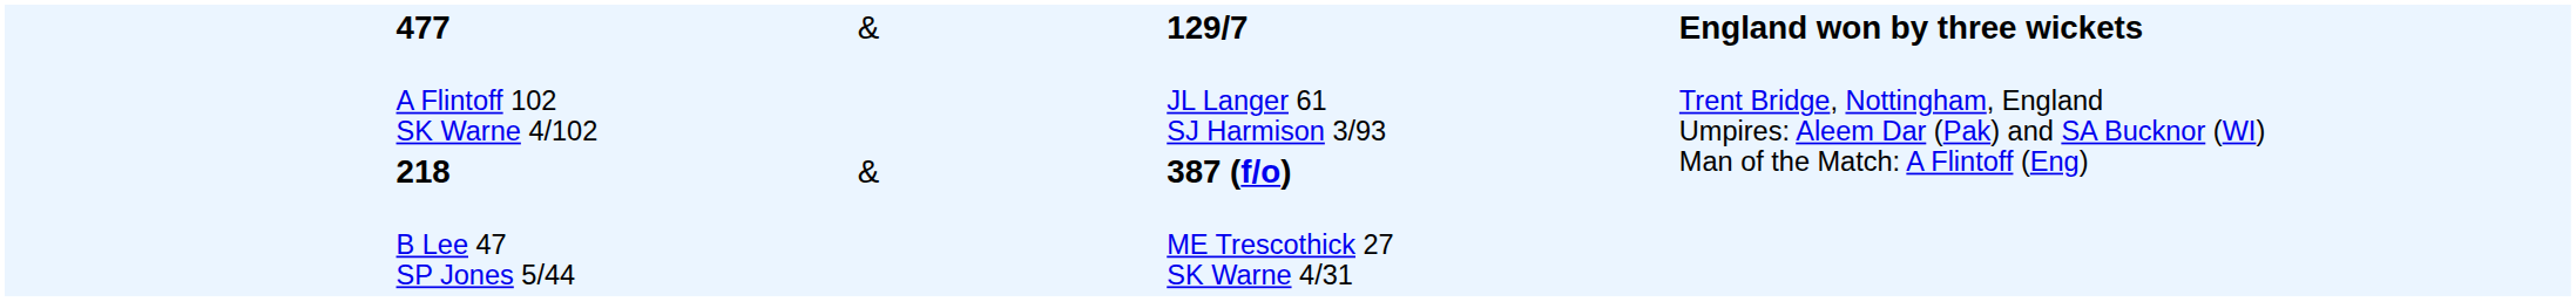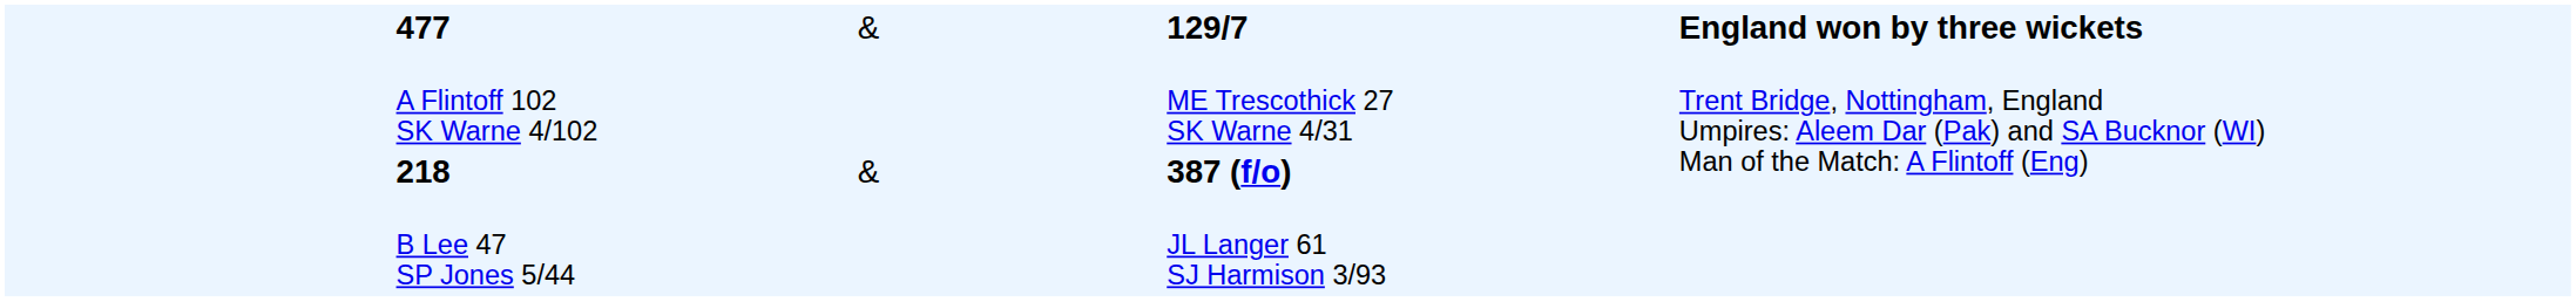 <table width="100%" style="background: #EBF5FF">
 <tr>
 <td width="15%" valign="top" rowspan="2"><strong></strong></td>
 <td width="18%"><strong>477</strong></td>
 <td width="12%">&</td>
 <td width="20%"><strong>129/7</strong></td>
 <td width="35%"><strong>England won by three wickets</strong></td>
 </tr>
 <tr>
 <td style="font-size: 85%;" valign="top"><br><a href='#'>A Flintoff</a> 102<br> <a href='#'>SK Warne</a> 4/102</td>
 <td></td>
-<td valign="top" style="font-size: 85%;"><br><a href='#'>JL Langer</a> 61<br> <a href='#'>SJ Harmison</a> 3/93</td>
+<td style="font-size: 85%;"><br><a href='#'>ME Trescothick</a> 27<br> <a href='#'>SK Warne</a> 4/31</td>
 <td valign="top" style="font-size: 85%;" rowspan="3"><br><a href='#'>Trent Bridge</a>, <a href='#'>Nottingham</a>, England<br> Umpires: <a href='#'>Aleem Dar</a> (<a href='#'>Pak</a>) and <a href='#'>SA Bucknor</a> (<a href='#'>WI</a>)<br> Man of the Match: <a href='#'>A Flintoff</a> (<a href='#'>Eng</a>)<br></td>
 </tr>
 <tr>
 <td valign="top" rowspan="2"><strong></strong></td>
 <td><strong>218</strong></td>
 <td>&</td>
 <td><strong>387 (<a href='#'>f/o</a>)</strong></td>
 </tr>
 <tr>
 <td style="font-size: 85%;"><br><a href='#'>B Lee</a> 47<br> <a href='#'>SP Jones</a> 5/44</td>
 <td></td>
-<td style="font-size: 85%;"><br><a href='#'>ME Trescothick</a> 27<br> <a href='#'>SK Warne</a> 4/31</td>
+<td valign="top" style="font-size: 85%;"><br><a href='#'>JL Langer</a> 61<br> <a href='#'>SJ Harmison</a> 3/93</td>
 </tr>
 </table>
